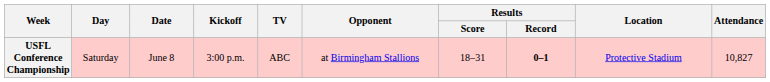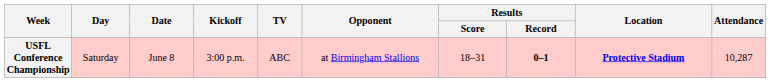 <table class="wikitable" style="text-align:center; font-size: 95%;">
 <tr>
 <th rowspan="2" width="40">Week</th>
 <th rowspan="2" width="80">Day</th>
 <th rowspan="2" width="90">Date</th>
 <th rowspan="2" width="90">Kickoff</th>
 <th rowspan="2" width="60">TV</th>
 <th rowspan="2" width="200">Opponent</th>
 <th colspan="2" width="200">Results</th>
 <th rowspan="2" width="200">Location</th>
 <th rowspan="2">Attendance</th>
 </tr>
 <tr>
 <th width="60">Score</th>
 <th width="60">Record</th>
 </tr>
 <tr style="background:#ffcccc">
 <th>USFL Conference Championship</th>
 <td>Saturday</td>
 <td>June 8</td>
 <td>3:00 p.m.</td>
 <td>ABC</td>
 <td>at <a href='#'>Birmingham Stallions</a></td>
 <td>18–31</td>
 <td><strong>0–1</strong></td>
-<td><a href='#'>Protective Stadium</a></td>
-<td>10,827</td>
+<td><strong><a href='#'>Protective Stadium</a></strong></td>
+<td>10,287</td>
 </tr>
 </table>
